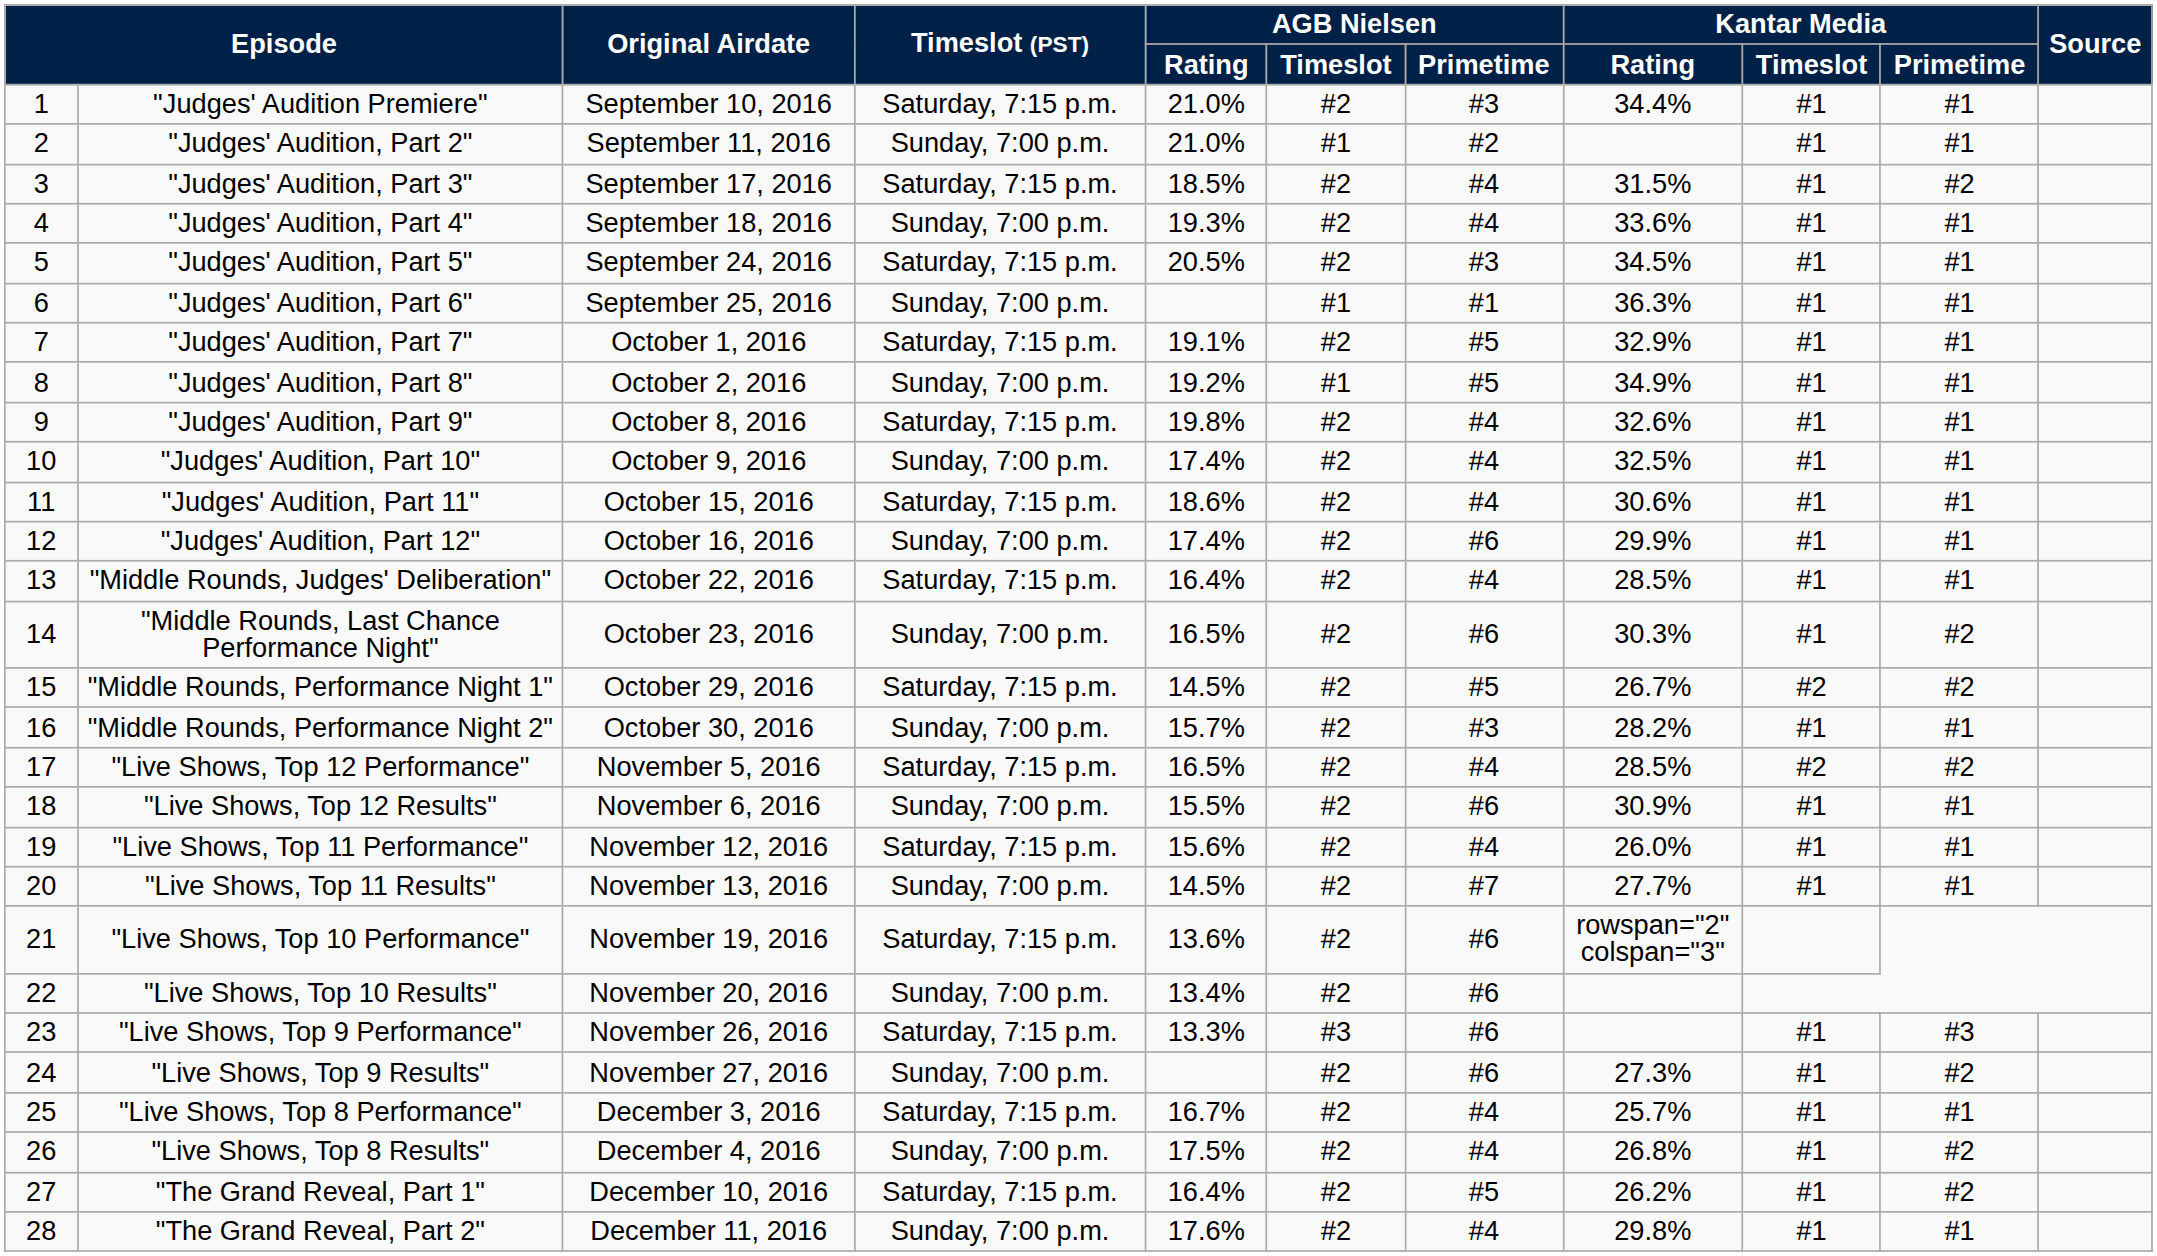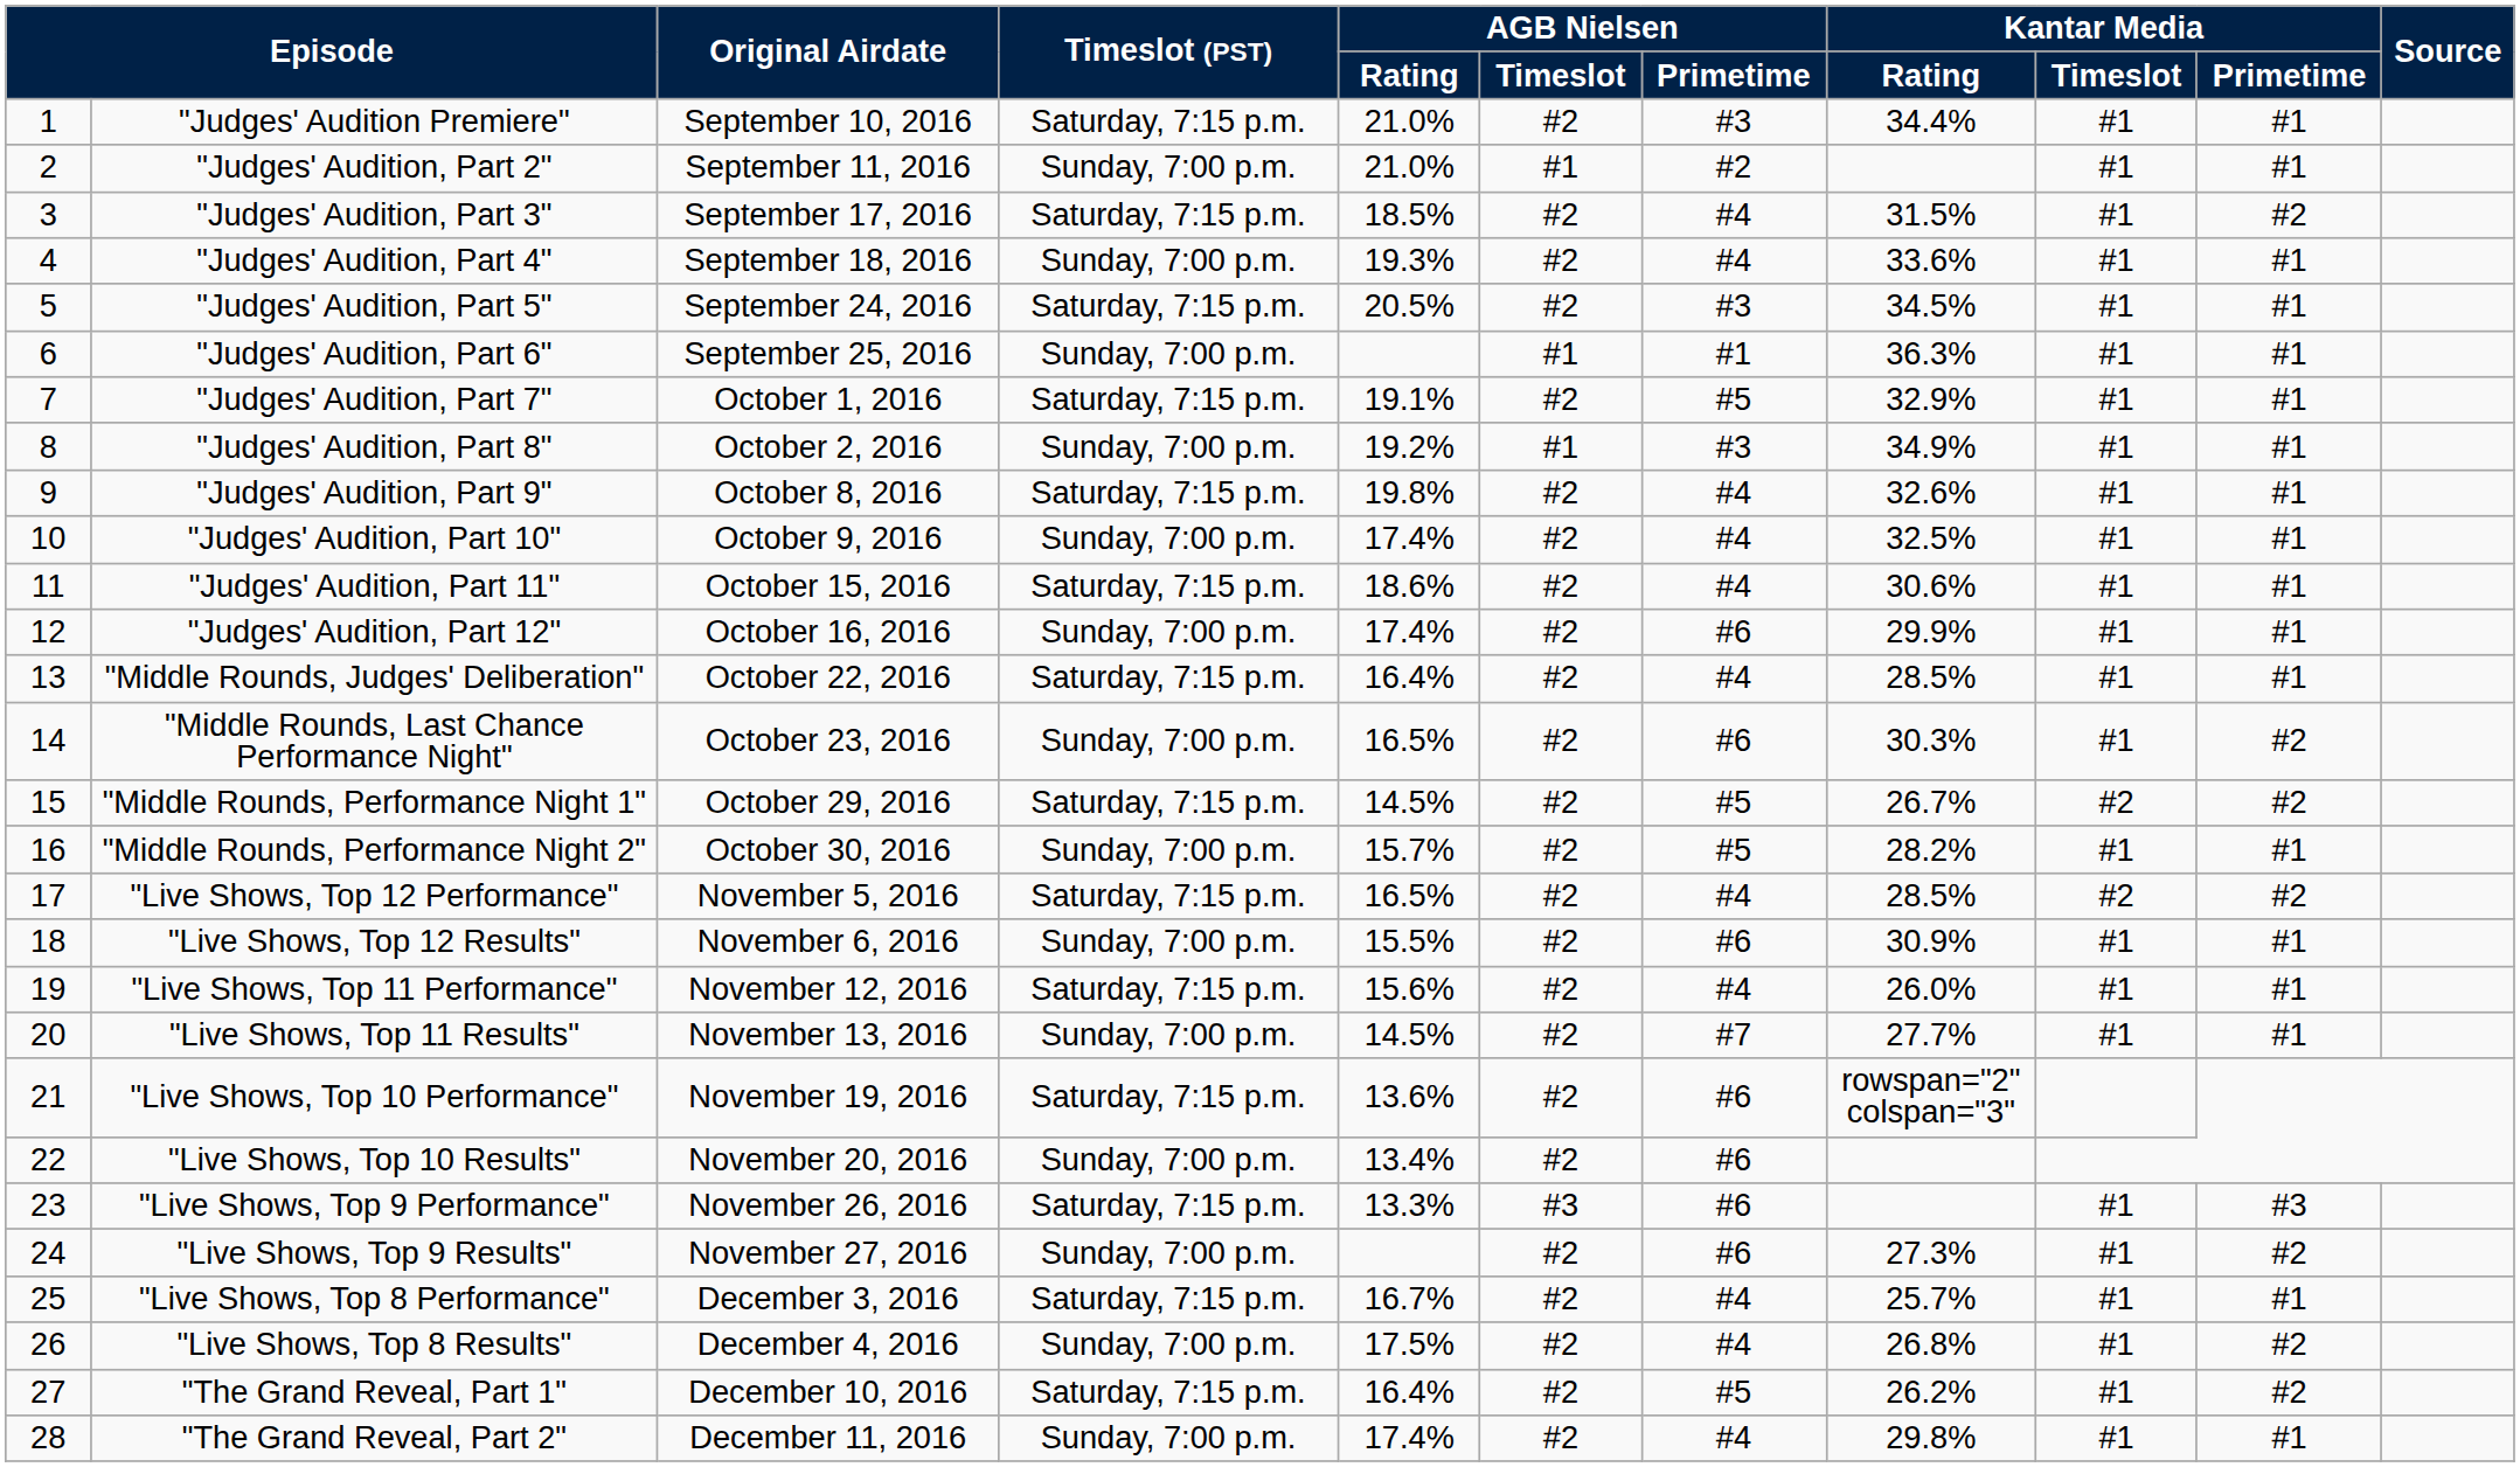 <table class="wikitable" style="text-align:center; background:#f9f9f9; line-height:16px; font-size:100%;" width="100%">
 <tr>
 <th style="background:#002147; color:white;" rowspan="2" colspan="2" width="23%">Episode</th>
 <th style="background:#002147; color:white;" rowspan="2" width="12%">Original Airdate</th>
 <th style="background:#002147; color:white;" rowspan="2" width="12%">Timeslot <small>(PST)</small></th>
 <th style="background:#002147; color:white;" colspan="3" width="18%">AGB Nielsen</th>
 <th style="background:#002147; color:white;" colspan="3" width="18%">Kantar Media</th>
 <th style="background:#002147; color:white;" rowspan="2" width="03%">Source</th>
 </tr>
 <tr>
 <th style="background:#002147; color:white;" width="05%">Rating</th>
 <th style="background:#002147; color:white;" width="05%">Timeslot</th>
 <th style="background:#002147; color:white;" width="05%">Primetime</th>
 <th style="background:#002147; color:white;" width="05%">Rating</th>
 <th style="background:#002147; color:white;" width="05%">Timeslot</th>
 <th style="background:#002147; color:white;" width="05%">Primetime</th>
 </tr>
 <tr>
 <td width="03%">1</td>
 <td>"Judges' Audition Premiere"</td>
 <td>September 10, 2016</td>
 <td>Saturday, 7:15 p.m.</td>
 <td>21.0%</td>
 <td>#2</td>
 <td>#3</td>
 <td>34.4%</td>
 <td>#1</td>
 <td>#1</td>
 <td></td>
 </tr>
 <tr>
 <td>2</td>
 <td>"Judges' Audition, Part 2"</td>
 <td>September 11, 2016</td>
 <td>Sunday, 7:00 p.m.</td>
 <td>21.0%</td>
 <td>#1</td>
 <td>#2</td>
 <td></td>
 <td>#1</td>
 <td>#1</td>
 <td></td>
 </tr>
 <tr>
 <td>3</td>
 <td>"Judges' Audition, Part 3"</td>
 <td>September 17, 2016</td>
 <td>Saturday, 7:15 p.m.</td>
 <td>18.5%</td>
 <td>#2</td>
 <td>#4</td>
 <td>31.5%</td>
 <td>#1</td>
 <td>#2</td>
 <td></td>
 </tr>
 <tr>
 <td>4</td>
 <td>"Judges' Audition, Part 4"</td>
 <td>September 18, 2016</td>
 <td>Sunday, 7:00 p.m.</td>
 <td>19.3%</td>
 <td>#2</td>
 <td>#4</td>
 <td>33.6%</td>
 <td>#1</td>
 <td>#1</td>
 <td></td>
 </tr>
 <tr>
 <td>5</td>
 <td>"Judges' Audition, Part 5"</td>
 <td>September 24, 2016</td>
 <td>Saturday, 7:15 p.m.</td>
 <td>20.5%</td>
 <td>#2</td>
 <td>#3</td>
 <td>34.5%</td>
 <td>#1</td>
 <td>#1</td>
 <td></td>
 </tr>
 <tr>
 <td>6</td>
 <td>"Judges' Audition, Part 6"</td>
 <td>September 25, 2016</td>
 <td>Sunday, 7:00 p.m.</td>
 <td></td>
 <td>#1</td>
 <td>#1</td>
 <td>36.3%</td>
 <td>#1</td>
 <td>#1</td>
 <td></td>
 </tr>
 <tr>
 <td>7</td>
 <td>"Judges' Audition, Part 7"</td>
 <td>October 1, 2016</td>
 <td>Saturday, 7:15 p.m.</td>
 <td>19.1%</td>
 <td>#2</td>
 <td>#5</td>
 <td>32.9%</td>
 <td>#1</td>
 <td>#1</td>
 <td></td>
 </tr>
 <tr>
 <td>8</td>
 <td>"Judges' Audition, Part 8"</td>
 <td>October 2, 2016</td>
 <td>Sunday, 7:00 p.m.</td>
 <td>19.2%</td>
 <td>#1</td>
-<td>#5</td>
+<td>#3</td>
 <td>34.9%</td>
 <td>#1</td>
 <td>#1</td>
 <td></td>
 </tr>
 <tr>
 <td>9</td>
 <td>"Judges' Audition, Part 9"</td>
 <td>October 8, 2016</td>
 <td>Saturday, 7:15 p.m.</td>
 <td>19.8%</td>
 <td>#2</td>
 <td>#4</td>
 <td>32.6%</td>
 <td>#1</td>
 <td>#1</td>
 <td></td>
 </tr>
 <tr>
 <td>10</td>
 <td>"Judges' Audition, Part 10"</td>
 <td>October 9, 2016</td>
 <td>Sunday, 7:00 p.m.</td>
 <td>17.4%</td>
 <td>#2</td>
 <td>#4</td>
 <td>32.5%</td>
 <td>#1</td>
 <td>#1</td>
 <td></td>
 </tr>
 <tr>
 <td>11</td>
 <td>"Judges' Audition, Part 11"</td>
 <td>October 15, 2016</td>
 <td>Saturday, 7:15 p.m.</td>
 <td>18.6%</td>
 <td>#2</td>
 <td>#4</td>
 <td>30.6%</td>
 <td>#1</td>
 <td>#1</td>
 <td></td>
 </tr>
 <tr>
 <td>12</td>
 <td>"Judges' Audition, Part 12"</td>
 <td>October 16, 2016</td>
 <td>Sunday, 7:00 p.m.</td>
 <td>17.4%</td>
 <td>#2</td>
 <td>#6</td>
 <td>29.9%</td>
 <td>#1</td>
 <td>#1</td>
 <td></td>
 </tr>
 <tr>
 <td>13</td>
 <td>"Middle Rounds, Judges' Deliberation"</td>
 <td>October 22, 2016</td>
 <td>Saturday, 7:15 p.m.</td>
 <td>16.4%</td>
 <td>#2</td>
 <td>#4</td>
 <td>28.5%</td>
 <td>#1</td>
 <td>#1</td>
 <td></td>
 </tr>
 <tr>
 <td>14</td>
 <td>"Middle Rounds, Last Chance Performance Night"</td>
 <td>October 23, 2016</td>
 <td>Sunday, 7:00 p.m.</td>
 <td>16.5%</td>
 <td>#2</td>
 <td>#6</td>
 <td>30.3%</td>
 <td>#1</td>
 <td>#2</td>
 <td></td>
 </tr>
 <tr>
 <td>15</td>
 <td>"Middle Rounds, Performance Night 1"</td>
 <td>October 29, 2016</td>
 <td>Saturday, 7:15 p.m.</td>
 <td>14.5%</td>
 <td>#2</td>
 <td>#5</td>
 <td>26.7%</td>
 <td>#2</td>
 <td>#2</td>
 <td></td>
 </tr>
 <tr>
 <td>16</td>
 <td>"Middle Rounds, Performance Night 2"</td>
 <td>October 30, 2016</td>
 <td>Sunday, 7:00 p.m.</td>
 <td>15.7%</td>
 <td>#2</td>
-<td>#3</td>
+<td>#5</td>
 <td>28.2%</td>
 <td>#1</td>
 <td>#1</td>
 <td></td>
 </tr>
 <tr>
 <td>17</td>
 <td>"Live Shows, Top 12 Performance"</td>
 <td>November 5, 2016</td>
 <td>Saturday, 7:15 p.m.</td>
 <td>16.5%</td>
 <td>#2</td>
 <td>#4</td>
 <td>28.5%</td>
 <td>#2</td>
 <td>#2</td>
 <td></td>
 </tr>
 <tr>
 <td>18</td>
 <td>"Live Shows, Top 12 Results"</td>
 <td>November 6, 2016</td>
 <td>Sunday, 7:00 p.m.</td>
 <td>15.5%</td>
 <td>#2</td>
 <td>#6</td>
 <td>30.9%</td>
 <td>#1</td>
 <td>#1</td>
 <td></td>
 </tr>
 <tr>
 <td>19</td>
 <td>"Live Shows, Top 11 Performance"</td>
 <td>November 12, 2016</td>
 <td>Saturday, 7:15 p.m.</td>
 <td>15.6%</td>
 <td>#2</td>
 <td>#4</td>
 <td>26.0%</td>
 <td>#1</td>
 <td>#1</td>
 <td></td>
 </tr>
 <tr>
 <td>20</td>
 <td>"Live Shows, Top 11 Results"</td>
 <td>November 13, 2016</td>
 <td>Sunday, 7:00 p.m.</td>
 <td>14.5%</td>
 <td>#2</td>
 <td>#7</td>
 <td>27.7%</td>
 <td>#1</td>
 <td>#1</td>
 <td></td>
 </tr>
 <tr>
 <td>21</td>
 <td>"Live Shows, Top 10 Performance"</td>
 <td>November 19, 2016</td>
 <td>Saturday, 7:15 p.m.</td>
 <td>13.6%</td>
 <td>#2</td>
 <td>#6</td>
 <td>rowspan="2" colspan="3" </td>
 <td></td>
 </tr>
 <tr>
 <td>22</td>
 <td>"Live Shows, Top 10 Results"</td>
 <td>November 20, 2016</td>
 <td>Sunday, 7:00 p.m.</td>
 <td>13.4%</td>
 <td>#2</td>
 <td>#6</td>
 <td></td>
 </tr>
 <tr>
 <td>23</td>
 <td>"Live Shows, Top 9 Performance"</td>
 <td>November 26, 2016</td>
 <td>Saturday, 7:15 p.m.</td>
 <td>13.3%</td>
 <td>#3</td>
 <td>#6</td>
 <td></td>
 <td>#1</td>
 <td>#3</td>
 <td></td>
 </tr>
 <tr>
 <td>24</td>
 <td>"Live Shows, Top 9 Results"</td>
 <td>November 27, 2016</td>
 <td>Sunday, 7:00 p.m.</td>
 <td></td>
 <td>#2</td>
 <td>#6</td>
 <td>27.3%</td>
 <td>#1</td>
 <td>#2</td>
 <td></td>
 </tr>
 <tr>
 <td>25</td>
 <td>"Live Shows, Top 8 Performance"</td>
 <td>December 3, 2016</td>
 <td>Saturday, 7:15 p.m.</td>
 <td>16.7%</td>
 <td>#2</td>
 <td>#4</td>
 <td>25.7%</td>
 <td>#1</td>
 <td>#1</td>
 <td></td>
 </tr>
 <tr>
 <td>26</td>
 <td>"Live Shows, Top 8 Results"</td>
 <td>December 4, 2016</td>
 <td>Sunday, 7:00 p.m.</td>
 <td>17.5%</td>
 <td>#2</td>
 <td>#4</td>
 <td>26.8%</td>
 <td>#1</td>
 <td>#2</td>
 <td></td>
 </tr>
 <tr>
 <td>27</td>
 <td>"The Grand Reveal, Part 1"</td>
 <td>December 10, 2016</td>
 <td>Saturday, 7:15 p.m.</td>
 <td>16.4%</td>
 <td>#2</td>
 <td>#5</td>
 <td>26.2%</td>
 <td>#1</td>
 <td>#2</td>
 <td></td>
 </tr>
 <tr>
 <td>28</td>
 <td>"The Grand Reveal, Part 2"</td>
 <td>December 11, 2016</td>
 <td>Sunday, 7:00 p.m.</td>
-<td>17.6%</td>
+<td>17.4%</td>
 <td>#2</td>
 <td>#4</td>
 <td>29.8%</td>
 <td>#1</td>
 <td>#1</td>
 <td></td>
 </tr>
 </table>
